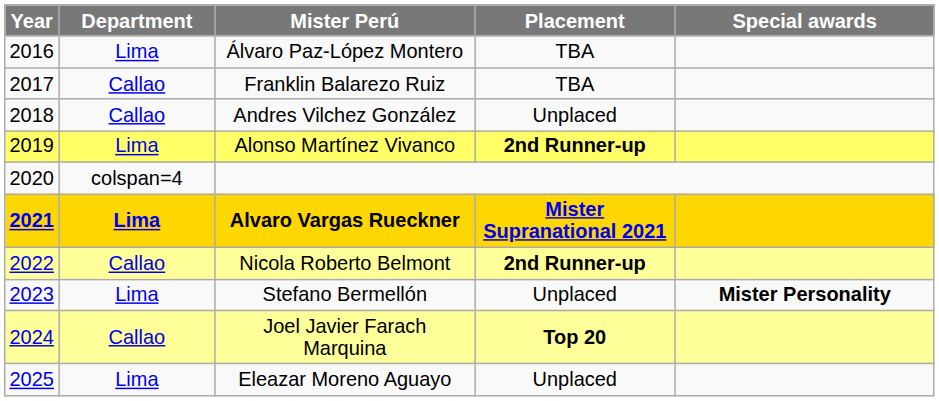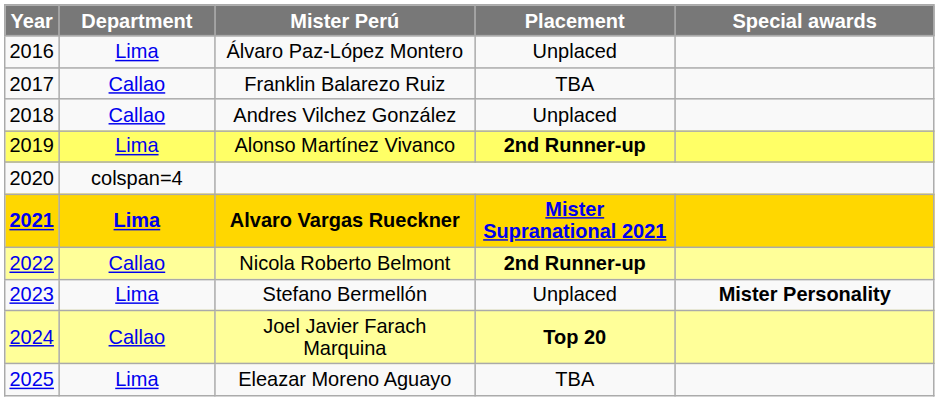 <table class="wikitable sortable" style="font-size: 85%; text-align:center">
 <tr>
 <th width="20" style="background-color:#787878;color:#FFFFFF;">Year</th>
 <th width="100" style="background-color:#787878;color:#FFFFFF;">Department</th>
 <th width="170" style="background-color:#787878;color:#FFFFFF;">Mister Perú</th>
 <th width="130" style="background-color:#787878;color:#FFFFFF;">Placement</th>
 <th width="170" style="background-color:#787878;color:#FFFFFF;">Special awards</th>
 </tr>
 <tr>
 <td>2016</td>
 <td><a href='#'>Lima</a></td>
 <td>Álvaro Paz-López Montero</td>
-<td>TBA</td>
+<td>Unplaced</td>
 <td></td>
 </tr>
 <tr>
 <td>2017</td>
 <td><a href='#'>Callao</a></td>
 <td>Franklin Balarezo Ruiz</td>
 <td>TBA</td>
 <td></td>
 </tr>
 <tr>
 <td>2018</td>
 <td><a href='#'>Callao</a></td>
 <td>Andres Vilchez González</td>
 <td>Unplaced</td>
 <td></td>
 </tr>
 <tr style="background-color:#FFFF66;">
 <td>2019</td>
 <td><a href='#'>Lima</a></td>
 <td>Alonso Martínez Vivanco</td>
 <td><strong>2nd Runner-up</strong></td>
 <td></td>
 </tr>
 <tr>
 <td>2020</td>
 <td>colspan=4 </td>
 </tr>
 <tr style="background-color:gold; font-weight: bold">
 <td><a href='#'>2021</a></td>
 <td><a href='#'>Lima</a></td>
 <td>Alvaro Vargas Rueckner</td>
 <td><a href='#'>Mister Supranational 2021</a></td>
 <td></td>
 </tr>
 <tr style="background-color:#FFFF99;">
 <td><a href='#'>2022</a></td>
 <td><a href='#'>Callao</a></td>
 <td>Nicola Roberto Belmont</td>
 <td><strong>2nd Runner-up</strong></td>
 <td></td>
 </tr>
 <tr>
 <td><a href='#'>2023</a></td>
 <td><a href='#'>Lima</a></td>
 <td>Stefano Bermellón</td>
 <td>Unplaced</td>
 <td><strong>Mister Personality</strong></td>
 </tr>
 <tr style="background-color:#FFFF99;">
 <td><a href='#'>2024</a></td>
 <td><a href='#'>Callao</a></td>
 <td>Joel Javier Farach Marquina</td>
 <td><strong>Top 20</strong></td>
 <td></td>
 </tr>
 <tr>
 <td><a href='#'>2025</a></td>
 <td><a href='#'>Lima</a></td>
 <td>Eleazar Moreno Aguayo</td>
-<td>Unplaced</td>
+<td>TBA</td>
 <td></td>
 </tr>
 </table>
